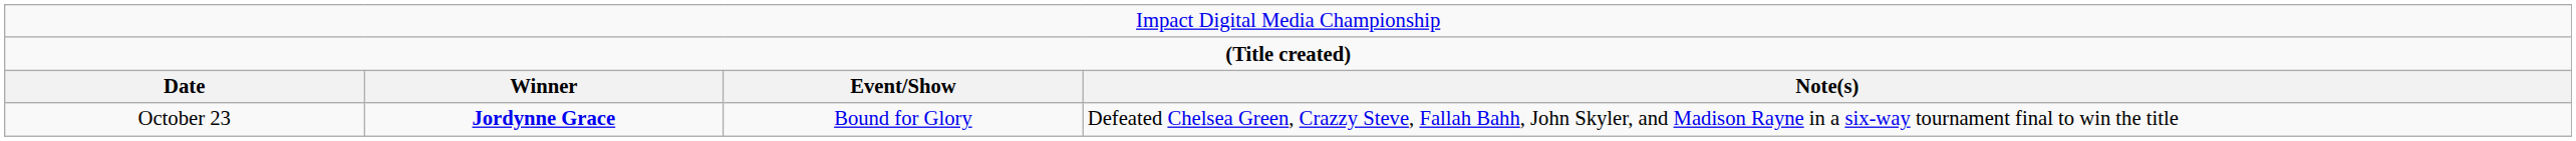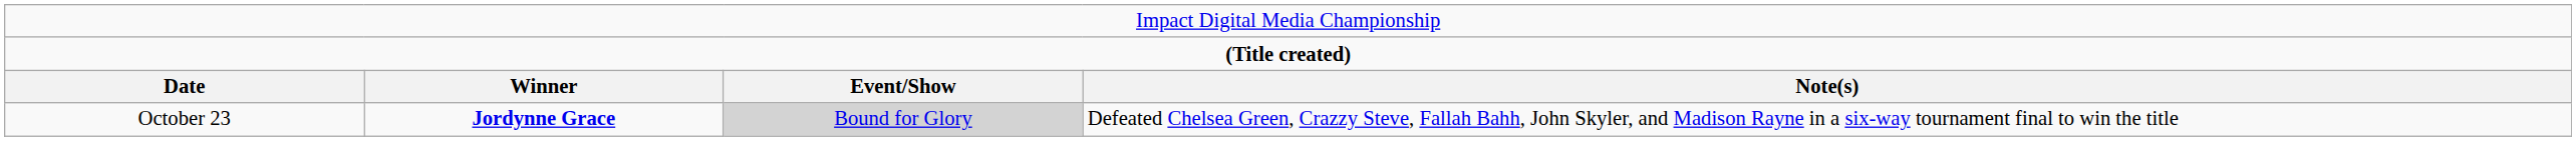 <table class="wikitable" style="text-align:center; width:100%;">
 <tr>
 <td colspan="4" style="text-align: center;"><a href='#'>Impact Digital Media Championship</a></td>
 </tr>
 <tr>
 <td colspan="4" style="text-align: center;"><strong>(Title created)</strong></td>
 </tr>
 <tr>
 <th width=14%>Date</th>
 <th width=14%>Winner</th>
 <th width=14%>Event/Show</th>
 <th width=58%>Note(s)</th>
 </tr>
 <tr>
 <td>October 23</td>
 <td><strong><a href='#'>Jordynne Grace</a></strong></td>
-<td><a href='#'>Bound for Glory</a><br></td>
+<td style="background: lightgrey;"><a href='#'>Bound for Glory</a><br></td>
 <td align=left>Defeated <a href='#'>Chelsea Green</a>, <a href='#'>Crazzy Steve</a>, <a href='#'>Fallah Bahh</a>, John Skyler, and <a href='#'>Madison Rayne</a> in a <a href='#'>six-way</a> tournament final to win the title</td>
 </tr>
 </table>
